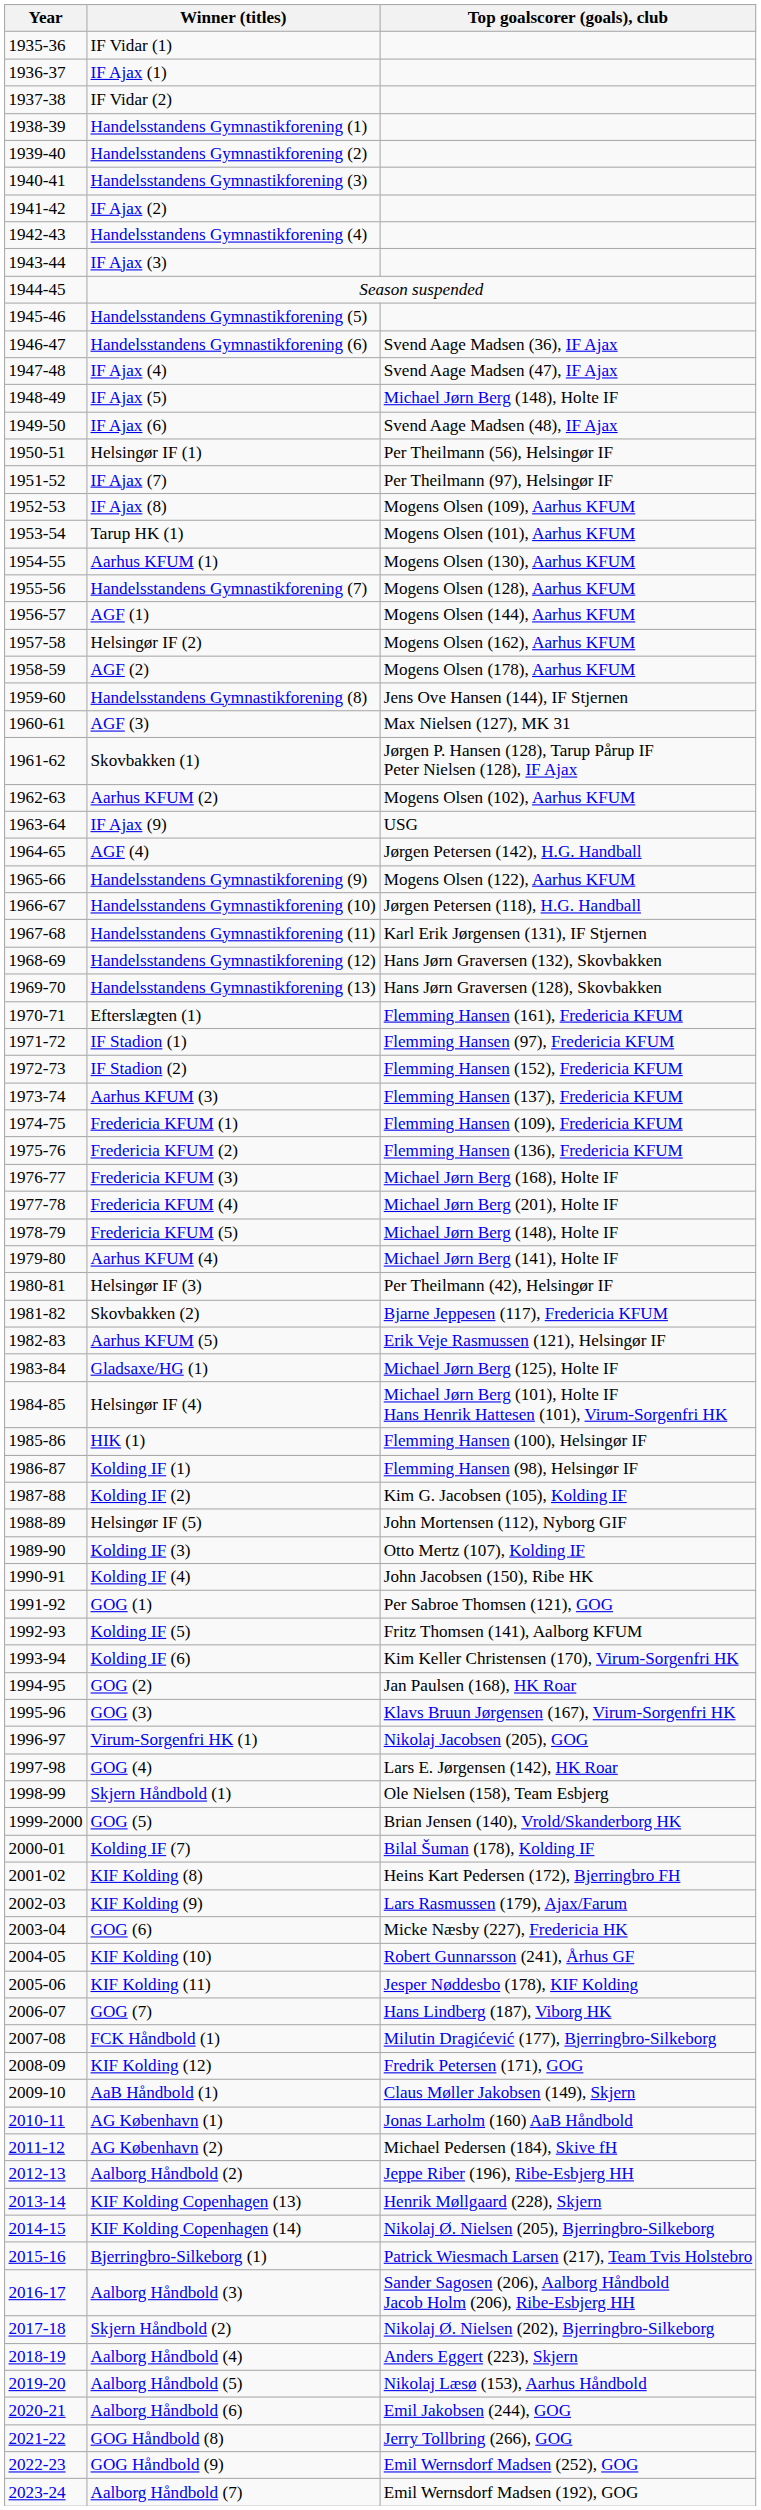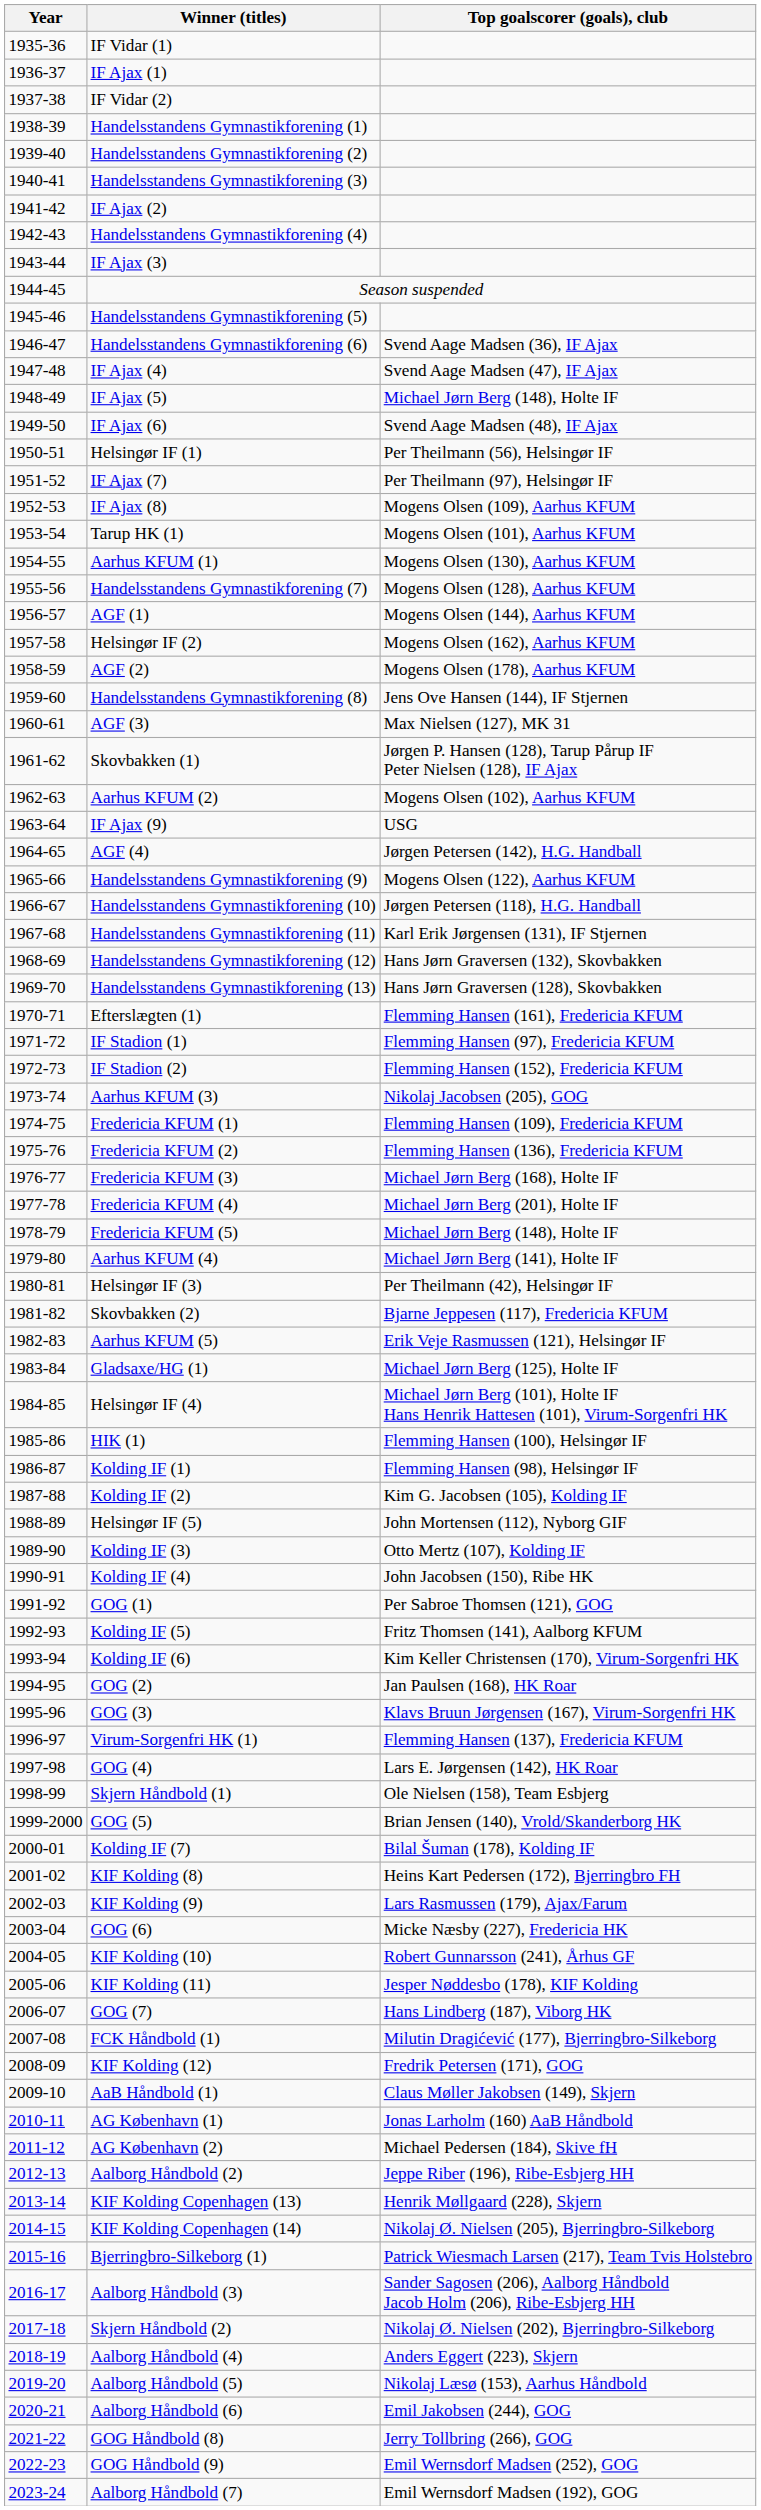 <table class="wikitable">
 <tr>
 <th>Year</th>
 <th>Winner (titles)</th>
 <th>Top goalscorer (goals), club</th>
 </tr>
 <tr>
 <td>1935-36</td>
 <td>IF Vidar (1)</td>
 <td></td>
 </tr>
 <tr>
 <td>1936-37</td>
 <td><a href='#'>IF Ajax</a> (1)</td>
 <td></td>
 </tr>
 <tr>
 <td>1937-38</td>
 <td>IF Vidar (2)</td>
 <td></td>
 </tr>
 <tr>
 <td>1938-39</td>
 <td><a href='#'>Handelsstandens Gymnastikforening</a> (1)</td>
 <td></td>
 </tr>
 <tr>
 <td>1939-40</td>
 <td><a href='#'>Handelsstandens Gymnastikforening</a> (2)</td>
 <td></td>
 </tr>
 <tr>
 <td>1940-41</td>
 <td><a href='#'>Handelsstandens Gymnastikforening</a> (3)</td>
 <td></td>
 </tr>
 <tr>
 <td>1941-42</td>
 <td><a href='#'>IF Ajax</a> (2)</td>
 <td></td>
 </tr>
 <tr>
 <td>1942-43</td>
 <td><a href='#'>Handelsstandens Gymnastikforening</a> (4)</td>
 <td></td>
 </tr>
 <tr>
 <td>1943-44</td>
 <td><a href='#'>IF Ajax</a> (3)</td>
 <td></td>
 </tr>
 <tr>
 <td>1944-45</td>
 <td colspan=2; align=center><em>Season suspended</em></td>
 </tr>
 <tr>
 <td>1945-46</td>
 <td><a href='#'>Handelsstandens Gymnastikforening</a> (5)</td>
 <td></td>
 </tr>
 <tr>
 <td>1946-47</td>
 <td><a href='#'>Handelsstandens Gymnastikforening</a> (6)</td>
 <td Svend Aage Madsen (handballer)>Svend Aage Madsen (36), <a href='#'>IF Ajax</a></td>
 </tr>
 <tr>
 <td>1947-48</td>
 <td><a href='#'>IF Ajax</a> (4)</td>
 <td Svend Aage Madsen (handballer)>Svend Aage Madsen (47), <a href='#'>IF Ajax</a></td>
 </tr>
 <tr>
 <td>1948-49</td>
 <td><a href='#'>IF Ajax</a> (5)</td>
 <td><a href='#'>Michael Jørn Berg</a> (148), Holte IF</td>
 </tr>
 <tr>
 <td>1949-50</td>
 <td><a href='#'>IF Ajax</a> (6)</td>
 <td Svend Aage Madsen (handballer)>Svend Aage Madsen (48), <a href='#'>IF Ajax</a></td>
 </tr>
 <tr>
 <td>1950-51</td>
 <td>Helsingør IF (1)</td>
 <td>Per Theilmann (56), Helsingør IF</td>
 </tr>
 <tr>
 <td>1951-52</td>
 <td><a href='#'>IF Ajax</a> (7)</td>
 <td>Per Theilmann (97), Helsingør IF</td>
 </tr>
 <tr>
 <td>1952-53</td>
 <td><a href='#'>IF Ajax</a> (8)</td>
 <td>Mogens Olsen (109), <a href='#'>Aarhus KFUM</a></td>
 </tr>
 <tr>
 <td>1953-54</td>
 <td>Tarup HK (1)</td>
 <td>Mogens Olsen (101), <a href='#'>Aarhus KFUM</a></td>
 </tr>
 <tr>
 <td>1954-55</td>
 <td><a href='#'>Aarhus KFUM</a> (1)</td>
 <td>Mogens Olsen (130), <a href='#'>Aarhus KFUM</a></td>
 </tr>
 <tr>
 <td>1955-56</td>
 <td><a href='#'>Handelsstandens Gymnastikforening</a> (7)</td>
 <td>Mogens Olsen (128), <a href='#'>Aarhus KFUM</a></td>
 </tr>
 <tr>
 <td>1956-57</td>
 <td><a href='#'>AGF</a> (1)</td>
 <td>Mogens Olsen (144), <a href='#'>Aarhus KFUM</a></td>
 </tr>
 <tr>
 <td>1957-58</td>
 <td>Helsingør IF (2)</td>
 <td>Mogens Olsen (162), <a href='#'>Aarhus KFUM</a></td>
 </tr>
 <tr>
 <td>1958-59</td>
 <td><a href='#'>AGF</a> (2)</td>
 <td>Mogens Olsen (178), <a href='#'>Aarhus KFUM</a></td>
 </tr>
 <tr>
 <td>1959-60</td>
 <td><a href='#'>Handelsstandens Gymnastikforening</a> (8)</td>
 <td>Jens Ove Hansen (144), IF Stjernen</td>
 </tr>
 <tr>
 <td>1960-61</td>
 <td><a href='#'>AGF</a> (3)</td>
 <td>Max Nielsen (127), MK 31</td>
 </tr>
 <tr>
 <td>1961-62</td>
 <td>Skovbakken (1)</td>
 <td>Jørgen P. Hansen (128), Tarup Pårup IF <br> Peter Nielsen (128), <a href='#'>IF Ajax</a></td>
 </tr>
 <tr>
 <td>1962-63</td>
 <td><a href='#'>Aarhus KFUM</a> (2)</td>
 <td>Mogens Olsen (102), <a href='#'>Aarhus KFUM</a></td>
 </tr>
 <tr>
 <td>1963-64</td>
 <td><a href='#'>IF Ajax</a> (9)</td>
 <td Hans Jørn Graversen (126), USG (handball)>USG</td>
 </tr>
 <tr>
 <td>1964-65</td>
 <td><a href='#'>AGF</a> (4)</td>
 <td>Jørgen Petersen (142), <a href='#'>H.G. Handball</a></td>
 </tr>
 <tr>
 <td>1965-66</td>
 <td><a href='#'>Handelsstandens Gymnastikforening</a> (9)</td>
 <td>Mogens Olsen (122), <a href='#'>Aarhus KFUM</a></td>
 </tr>
 <tr>
 <td>1966-67</td>
 <td><a href='#'>Handelsstandens Gymnastikforening</a> (10)</td>
 <td>Jørgen Petersen (118), <a href='#'>H.G. Handball</a></td>
 </tr>
 <tr>
 <td>1967-68</td>
 <td><a href='#'>Handelsstandens Gymnastikforening</a> (11)</td>
 <td>Karl Erik Jørgensen (131), IF Stjernen</td>
 </tr>
 <tr>
 <td>1968-69</td>
 <td><a href='#'>Handelsstandens Gymnastikforening</a> (12)</td>
 <td>Hans Jørn Graversen (132), Skovbakken</td>
 </tr>
 <tr>
 <td>1969-70</td>
 <td><a href='#'>Handelsstandens Gymnastikforening</a> (13)</td>
 <td>Hans Jørn Graversen (128), Skovbakken</td>
 </tr>
 <tr>
 <td>1970-71</td>
 <td>Efterslægten (1)</td>
 <td><a href='#'>Flemming Hansen</a> (161), <a href='#'>Fredericia KFUM</a></td>
 </tr>
 <tr>
 <td>1971-72</td>
 <td><a href='#'>IF Stadion</a> (1)</td>
 <td><a href='#'>Flemming Hansen</a> (97), <a href='#'>Fredericia KFUM</a></td>
 </tr>
 <tr>
 <td>1972-73</td>
 <td><a href='#'>IF Stadion</a> (2)</td>
 <td><a href='#'>Flemming Hansen</a> (152), <a href='#'>Fredericia KFUM</a></td>
 </tr>
 <tr>
 <td>1973-74</td>
 <td><a href='#'>Aarhus KFUM</a> (3)</td>
-<td><a href='#'>Flemming Hansen</a> (137), <a href='#'>Fredericia KFUM</a></td>
+<td><a href='#'>Nikolaj Jacobsen</a> (205), <a href='#'>GOG</a></td>
 </tr>
 <tr>
 <td>1974-75</td>
 <td><a href='#'>Fredericia KFUM</a> (1)</td>
 <td><a href='#'>Flemming Hansen</a> (109), <a href='#'>Fredericia KFUM</a></td>
 </tr>
 <tr>
 <td>1975-76</td>
 <td><a href='#'>Fredericia KFUM</a> (2)</td>
 <td><a href='#'>Flemming Hansen</a> (136), <a href='#'>Fredericia KFUM</a></td>
 </tr>
 <tr>
 <td>1976-77</td>
 <td><a href='#'>Fredericia KFUM</a> (3)</td>
 <td><a href='#'>Michael Jørn Berg</a> (168), Holte IF</td>
 </tr>
 <tr>
 <td>1977-78</td>
 <td><a href='#'>Fredericia KFUM</a> (4)</td>
 <td><a href='#'>Michael Jørn Berg</a> (201), Holte IF</td>
 </tr>
 <tr>
 <td>1978-79</td>
 <td><a href='#'>Fredericia KFUM</a> (5)</td>
 <td><a href='#'>Michael Jørn Berg</a> (148), Holte IF</td>
 </tr>
 <tr>
 <td>1979-80</td>
 <td><a href='#'>Aarhus KFUM</a> (4)</td>
 <td><a href='#'>Michael Jørn Berg</a> (141), Holte IF</td>
 </tr>
 <tr>
 <td>1980-81</td>
 <td>Helsingør IF (3)</td>
 <td>Per Theilmann (42), Helsingør IF</td>
 </tr>
 <tr>
 <td>1981-82</td>
 <td>Skovbakken (2)</td>
 <td><a href='#'>Bjarne Jeppesen</a> (117), <a href='#'>Fredericia KFUM</a></td>
 </tr>
 <tr>
 <td>1982-83</td>
 <td><a href='#'>Aarhus KFUM</a> (5)</td>
 <td><a href='#'>Erik Veje Rasmussen</a> (121), Helsingør IF</td>
 </tr>
 <tr>
 <td>1983-84</td>
 <td><a href='#'>Gladsaxe/HG</a> (1)</td>
 <td><a href='#'>Michael Jørn Berg</a> (125), Holte IF</td>
 </tr>
 <tr>
 <td>1984-85</td>
 <td>Helsingør IF (4)</td>
 <td><a href='#'>Michael Jørn Berg</a> (101), Holte IF <br> <a href='#'>Hans Henrik Hattesen</a> (101), <a href='#'>Virum-Sorgenfri HK</a></td>
 </tr>
 <tr>
 <td>1985-86</td>
 <td><a href='#'>HIK</a> (1)</td>
 <td><a href='#'>Flemming Hansen</a> (100), Helsingør IF</td>
 </tr>
 <tr>
 <td>1986-87</td>
 <td><a href='#'>Kolding IF</a> (1)</td>
 <td><a href='#'>Flemming Hansen</a> (98), Helsingør IF</td>
 </tr>
 <tr>
 <td>1987-88</td>
 <td><a href='#'>Kolding IF</a> (2)</td>
 <td>Kim G. Jacobsen (105), <a href='#'>Kolding IF</a></td>
 </tr>
 <tr>
 <td>1988-89</td>
 <td>Helsingør IF (5)</td>
 <td>John Mortensen (112), Nyborg GIF</td>
 </tr>
 <tr>
 <td>1989-90</td>
 <td><a href='#'>Kolding IF</a> (3)</td>
 <td>Otto Mertz (107), <a href='#'>Kolding IF</a></td>
 </tr>
 <tr>
 <td>1990-91</td>
 <td><a href='#'>Kolding IF</a> (4)</td>
 <td>John Jacobsen (150), Ribe HK</td>
 </tr>
 <tr>
 <td>1991-92</td>
 <td><a href='#'>GOG</a> (1)</td>
 <td>Per Sabroe Thomsen (121), <a href='#'>GOG</a></td>
 </tr>
 <tr>
 <td>1992-93</td>
 <td><a href='#'>Kolding IF</a> (5)</td>
 <td>Fritz Thomsen (141), Aalborg KFUM</td>
 </tr>
 <tr>
 <td>1993-94</td>
 <td><a href='#'>Kolding IF</a> (6)</td>
 <td>Kim Keller Christensen (170), <a href='#'>Virum-Sorgenfri HK</a></td>
 </tr>
 <tr>
 <td>1994-95</td>
 <td><a href='#'>GOG</a> (2)</td>
 <td>Jan Paulsen (168), <a href='#'>HK Roar</a></td>
 </tr>
 <tr>
 <td>1995-96</td>
 <td><a href='#'>GOG</a> (3)</td>
 <td><a href='#'>Klavs Bruun Jørgensen</a> (167), <a href='#'>Virum-Sorgenfri HK</a></td>
 </tr>
 <tr>
 <td>1996-97</td>
 <td><a href='#'>Virum-Sorgenfri HK</a> (1)</td>
-<td><a href='#'>Nikolaj Jacobsen</a> (205), <a href='#'>GOG</a></td>
+<td><a href='#'>Flemming Hansen</a> (137), <a href='#'>Fredericia KFUM</a></td>
 </tr>
 <tr>
 <td>1997-98</td>
 <td><a href='#'>GOG</a> (4)</td>
 <td>Lars E. Jørgensen (142), <a href='#'>HK Roar</a></td>
 </tr>
 <tr>
 <td>1998-99</td>
 <td><a href='#'>Skjern Håndbold</a> (1)</td>
 <td>Ole Nielsen (158), Team Esbjerg</td>
 </tr>
 <tr>
 <td>1999-2000</td>
 <td><a href='#'>GOG</a> (5)</td>
 <td>Brian Jensen (140), <a href='#'>Vrold/Skanderborg HK</a></td>
 </tr>
 <tr>
 <td>2000-01</td>
 <td><a href='#'>Kolding IF</a> (7)</td>
 <td><a href='#'>Bilal Šuman</a> (178), <a href='#'>Kolding IF</a></td>
 </tr>
 <tr>
 <td>2001-02</td>
 <td><a href='#'>KIF Kolding</a> (8)</td>
 <td>Heins Kart Pedersen (172), <a href='#'>Bjerringbro FH</a></td>
 </tr>
 <tr>
 <td>2002-03</td>
 <td><a href='#'>KIF Kolding</a> (9)</td>
 <td><a href='#'>Lars Rasmussen</a> (179), <a href='#'>Ajax/Farum</a></td>
 </tr>
 <tr>
 <td>2003-04</td>
 <td><a href='#'>GOG</a> (6)</td>
 <td>Micke Næsby (227), <a href='#'>Fredericia HK</a></td>
 </tr>
 <tr>
 <td>2004-05</td>
 <td><a href='#'>KIF Kolding</a> (10)</td>
 <td><a href='#'>Robert Gunnarsson</a> (241), <a href='#'>Århus GF</a></td>
 </tr>
 <tr>
 <td>2005-06</td>
 <td><a href='#'>KIF Kolding</a> (11)</td>
 <td><a href='#'>Jesper Nøddesbo</a> (178), <a href='#'>KIF Kolding</a></td>
 </tr>
 <tr>
 <td>2006-07</td>
 <td><a href='#'>GOG</a> (7)</td>
 <td><a href='#'>Hans Lindberg</a> (187), <a href='#'>Viborg HK</a></td>
 </tr>
 <tr>
 <td>2007-08</td>
 <td><a href='#'>FCK Håndbold</a> (1)</td>
 <td><a href='#'>Milutin Dragićević</a> (177), <a href='#'>Bjerringbro-Silkeborg</a></td>
 </tr>
 <tr>
 <td>2008-09</td>
 <td><a href='#'>KIF Kolding</a> (12)</td>
 <td><a href='#'>Fredrik Petersen</a> (171), <a href='#'>GOG</a></td>
 </tr>
 <tr>
 <td>2009-10</td>
 <td><a href='#'>AaB Håndbold</a> (1)</td>
 <td><a href='#'>Claus Møller Jakobsen</a> (149), <a href='#'>Skjern</a></td>
 </tr>
 <tr>
 <td><a href='#'>2010-11</a></td>
 <td><a href='#'>AG København</a> (1)</td>
 <td><a href='#'>Jonas Larholm</a> (160) <a href='#'>AaB Håndbold</a></td>
 </tr>
 <tr>
 <td><a href='#'>2011-12</a></td>
 <td><a href='#'>AG København</a> (2)</td>
 <td>Michael Pedersen (184), <a href='#'>Skive fH</a></td>
 </tr>
 <tr>
 <td><a href='#'>2012-13</a></td>
 <td><a href='#'>Aalborg Håndbold</a> (2)</td>
 <td><a href='#'>Jeppe Riber</a> (196), <a href='#'>Ribe-Esbjerg HH</a></td>
 </tr>
 <tr>
 <td><a href='#'>2013-14</a></td>
 <td><a href='#'>KIF Kolding Copenhagen</a> (13)</td>
 <td><a href='#'>Henrik Møllgaard</a> (228), <a href='#'>Skjern</a></td>
 </tr>
 <tr>
 <td><a href='#'>2014-15</a></td>
 <td><a href='#'>KIF Kolding Copenhagen</a> (14)</td>
 <td><a href='#'>Nikolaj Ø. Nielsen</a> (205), <a href='#'>Bjerringbro-Silkeborg</a></td>
 </tr>
 <tr>
 <td><a href='#'>2015-16</a></td>
 <td><a href='#'>Bjerringbro-Silkeborg</a> (1)</td>
 <td><a href='#'>Patrick Wiesmach Larsen</a> (217), <a href='#'>Team Tvis Holstebro</a></td>
 </tr>
 <tr>
 <td><a href='#'>2016-17</a></td>
 <td><a href='#'>Aalborg Håndbold</a> (3)</td>
 <td><a href='#'>Sander Sagosen</a> (206), <a href='#'>Aalborg Håndbold</a> <br><a href='#'>Jacob Holm</a> (206), <a href='#'>Ribe-Esbjerg HH</a></td>
 </tr>
 <tr>
 <td><a href='#'>2017-18</a></td>
 <td><a href='#'>Skjern Håndbold</a> (2)</td>
 <td><a href='#'>Nikolaj Ø. Nielsen</a> (202), <a href='#'>Bjerringbro-Silkeborg</a></td>
 </tr>
 <tr>
 <td><a href='#'>2018-19</a></td>
 <td><a href='#'>Aalborg Håndbold</a> (4)</td>
 <td><a href='#'>Anders Eggert</a> (223), <a href='#'>Skjern</a></td>
 </tr>
 <tr>
 <td><a href='#'>2019-20</a></td>
 <td><a href='#'>Aalborg Håndbold</a> (5)</td>
 <td><a href='#'>Nikolaj Læsø</a> (153), <a href='#'>Aarhus Håndbold</a></td>
 </tr>
 <tr>
 <td><a href='#'>2020-21</a></td>
 <td><a href='#'>Aalborg Håndbold</a> (6)</td>
 <td><a href='#'>Emil Jakobsen</a> (244), <a href='#'>GOG</a></td>
 </tr>
 <tr>
 <td><a href='#'>2021-22</a></td>
 <td><a href='#'>GOG Håndbold</a> (8)</td>
 <td><a href='#'>Jerry Tollbring</a> (266), <a href='#'>GOG</a></td>
 </tr>
 <tr>
 <td><a href='#'>2022-23</a></td>
 <td><a href='#'>GOG Håndbold</a> (9)</td>
 <td><a href='#'>Emil Wernsdorf Madsen</a> (252), <a href='#'>GOG</a></td>
 </tr>
 <tr>
 <td><a href='#'>2023-24</a></td>
 <td><a href='#'>Aalborg Håndbold</a> (7)</td>
 <td>Emil Wernsdorf Madsen (192), GOG</td>
 </tr>
 </table>
